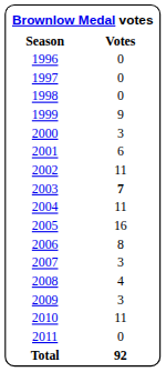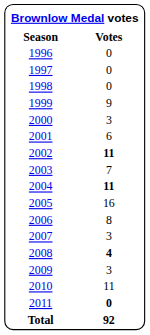 <table style="margin-right: 4px; margin-top: 8px; float: right; border: 1px #000000 solid; border-radius: 8px; background: #FFFFFF; font-family: Verdana; font-size: 8pt; text-align: center;">
 <tr style="background:#FFFFFF;">
 <td colspan=2; style="padding: 3px; margin-bottom: -3px; margin-top: 2px; font-family: Arial; background:#FFFFFF;"><strong><a href='#'>Brownlow Medal</a> votes</strong></td>
 </tr>
 <tr>
 <th width=50%>Season</th>
 <th width=50%>Votes</th>
 </tr>
 <tr>
 <td><a href='#'>1996</a></td>
 <td>0</td>
 </tr>
 <tr>
 <td><a href='#'>1997</a></td>
 <td>0</td>
 </tr>
 <tr>
 <td><a href='#'>1998</a></td>
 <td>0</td>
 </tr>
 <tr>
 <td><a href='#'>1999</a></td>
 <td>9</td>
 </tr>
 <tr>
 <td><a href='#'>2000</a></td>
 <td>3</td>
 </tr>
 <tr>
 <td><a href='#'>2001</a></td>
 <td>6</td>
 </tr>
 <tr>
 <td><a href='#'>2002</a></td>
-<td>11</td>
+<td><strong>11</strong></td>
 </tr>
 <tr>
 <td><a href='#'>2003</a></td>
-<td><strong>7</strong></td>
+<td>7</td>
 </tr>
 <tr>
 <td><a href='#'>2004</a></td>
-<td>11</td>
+<td><strong>11</strong></td>
 </tr>
 <tr>
 <td><a href='#'>2005</a></td>
 <td>16</td>
 </tr>
 <tr>
 <td><a href='#'>2006</a></td>
 <td>8</td>
 </tr>
 <tr>
 <td><a href='#'>2007</a></td>
 <td>3</td>
 </tr>
 <tr>
 <td><a href='#'>2008</a></td>
-<td>4</td>
+<td><strong>4</strong></td>
 </tr>
 <tr>
 <td><a href='#'>2009</a></td>
 <td>3</td>
 </tr>
 <tr>
 <td><a href='#'>2010</a></td>
 <td>11</td>
 </tr>
 <tr>
 <td><a href='#'>2011</a></td>
-<td>0</td>
+<td><strong>0</strong></td>
 </tr>
 <tr>
 <td><strong>Total</strong></td>
 <td><strong>92</strong><br></td>
 </tr>
 </table>
